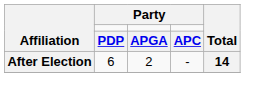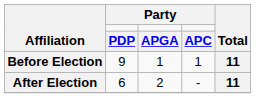 <table class=wikitable style="text-align:center">
 <tr style="vertical-align:bottom;">
 <th rowspan=3>Affiliation</th>
 <th colspan=3>Party</th>
 <th rowspan=3>Total</th>
 </tr>
 <tr>
 <td style="background-color:"></td>
 <td style="background-color:"></td>
 <td style="background-color:"></td>
 </tr>
 <tr>
 <th><a href='#'>PDP</a></th>
 <th><a href='#'>APGA</a></th>
 <th><a href='#'>APC</a></th>
 </tr>
 <tr>
+<th>Before Election</th>
+<td>9</td>
+<td>1</td>
+<td>1</td>
+<th>11</th>
+</tr>
+<tr>
 <th>After Election</th>
 <td>6</td>
 <td>2</td>
 <td>-</td>
-<th>14</th>
+<th>11</th>
 </tr>
 <tr>
 </tr>
 </table>
